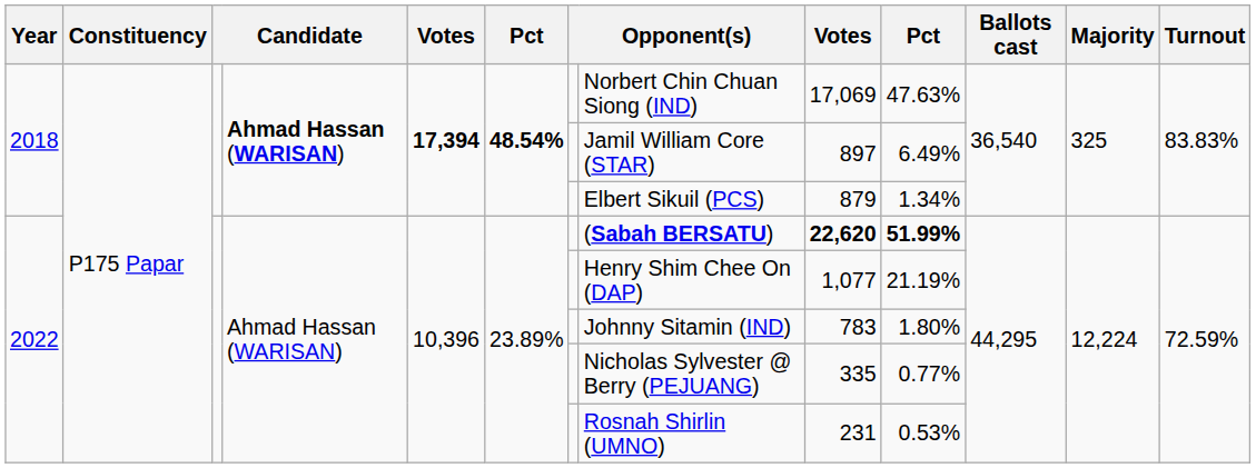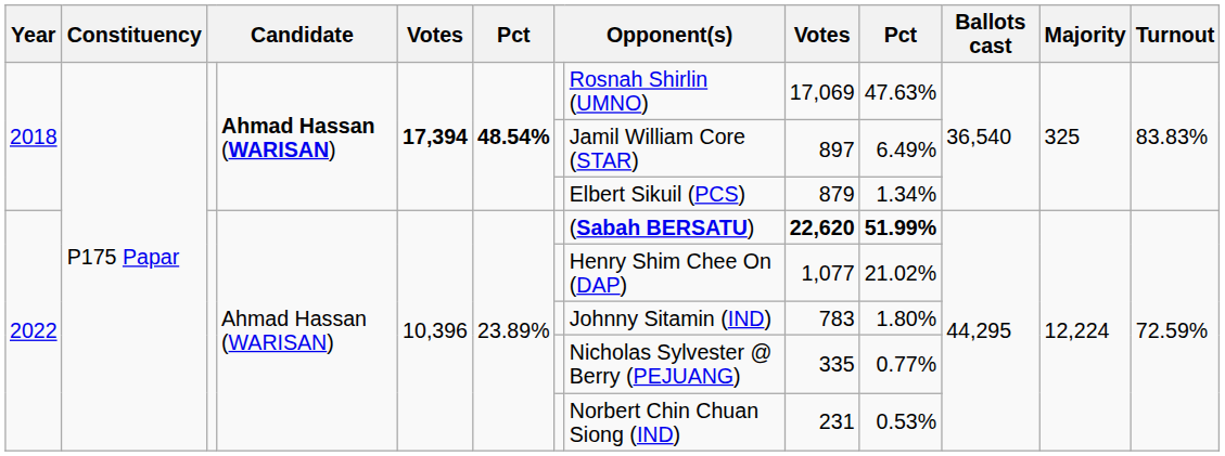 <table class="wikitable" style="margin:0.5em ; font-size:95%">
 <tr>
 <th>Year</th>
 <th>Constituency</th>
 <th colspan=2>Candidate</th>
 <th>Votes</th>
 <th>Pct</th>
 <th colspan=2>Opponent(s)</th>
 <th>Votes</th>
 <th>Pct</th>
 <th>Ballots cast</th>
 <th>Majority</th>
 <th>Turnout</th>
 </tr>
 <tr>
 <td rowspan=3><a href='#'>2018</a></td>
 <td rowspan=8>P175 <a href='#'>Papar</a></td>
 <td rowspan=3 ></td>
 <td rowspan=3><strong>Ahmad Hassan</strong> (<a href='#'><strong>WARISAN</strong></a>)</td>
 <td rowspan=3 align="right"><strong>17,394</strong></td>
 <td rowspan=3><strong>48.54%</strong></td>
 <td></td>
-<td>Norbert Chin Chuan Siong (<a href='#'>IND</a>)</td>
+<td><a href='#'>Rosnah Shirlin</a> (<a href='#'>UMNO</a>)</td>
 <td align="right">17,069</td>
 <td>47.63%</td>
 <td rowspan=3>36,540</td>
 <td rowspan=3>325</td>
 <td rowspan=3>83.83%</td>
 </tr>
 <tr>
 <td></td>
 <td>Jamil William Core (<a href='#'>STAR</a>)</td>
 <td align=right>897</td>
 <td align=right>6.49%</td>
 </tr>
 <tr>
 <td bgcolor=></td>
 <td>Elbert Sikuil (<a href='#'>PCS</a>)</td>
 <td align=right>879</td>
 <td align=right>1.34%</td>
 </tr>
 <tr>
 <td rowspan=5><a href='#'>2022</a></td>
 <td rowspan=5 ></td>
 <td rowspan=5>Ahmad Hassan (<a href='#'>WARISAN</a>)</td>
 <td rowspan=5 align="right">10,396</td>
 <td rowspan=5>23.89%</td>
 <td></td>
 <td><strong></strong> (<a href='#'><strong>Sabah BERSATU</strong></a>)</td>
 <td align=right><strong>22,620</strong></td>
 <td><strong>51.99%</strong></td>
 <td rowspan=5>44,295</td>
 <td rowspan=5>12,224</td>
 <td rowspan=5>72.59%</td>
 </tr>
 <tr>
 <td></td>
 <td>Henry Shim Chee On (<a href='#'>DAP</a>)</td>
 <td align="right">1,077</td>
-<td>21.19%</td>
+<td>21.02%</td>
 </tr>
 <tr>
 <td></td>
 <td>Johnny Sitamin (<a href='#'>IND</a>)</td>
 <td align="right">783</td>
 <td align="right">1.80%</td>
 </tr>
 <tr>
 <td></td>
 <td>Nicholas Sylvester @ Berry	 (<a href='#'>PEJUANG</a>)</td>
 <td align="right">335</td>
 <td align="right">0.77%</td>
 </tr>
 <tr>
 <td></td>
-<td><a href='#'>Rosnah Shirlin</a> (<a href='#'>UMNO</a>)</td>
+<td>Norbert Chin Chuan Siong (<a href='#'>IND</a>)</td>
 <td align="right">231</td>
 <td align="right">0.53%</td>
 </tr>
 </table>
